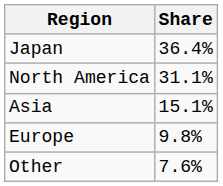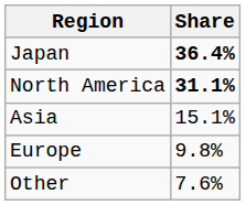 <table class="wikitable floatright">
 <tr>
 <th>Region</th>
 <th>Share</th>
 </tr>
 <tr>
 <td>Japan</td>
-<td>36.4%</td>
+<td><strong>36.4%</strong></td>
 </tr>
 <tr>
 <td>North America</td>
-<td>31.1%</td>
+<td><strong>31.1%</strong></td>
 </tr>
 <tr>
 <td>Asia</td>
 <td>15.1%</td>
 </tr>
 <tr>
 <td>Europe</td>
 <td>9.8%</td>
 </tr>
 <tr>
 <td>Other</td>
 <td>7.6%</td>
 </tr>
 </table>
